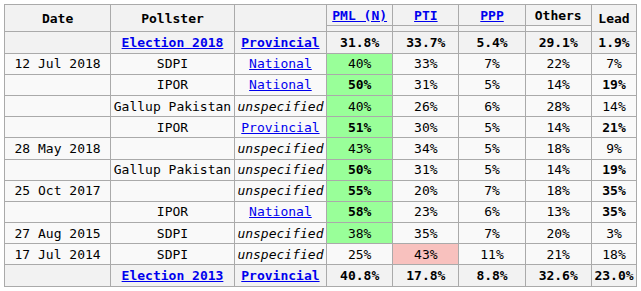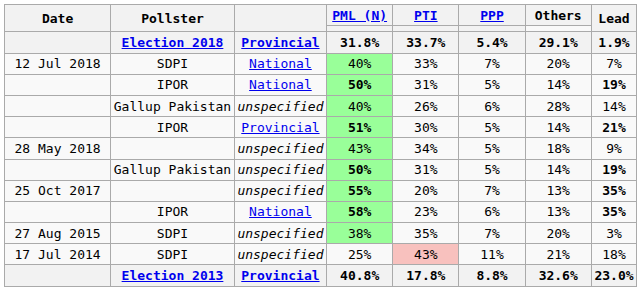 <table class="wikitable sortable" style="text-align:center">
 <tr>
 <th style="width:100px;" rowspan="2">Date</th>
 <th rowspan="2">Pollster</th>
 <th rowspan="2"></th>
 <th style="width:60px;" class="unsortable"><a href='#'>PML (N)</a></th>
 <th style="width:60px;" class="unsortable"><a href='#'>PTI</a></th>
 <th style="width:60px;" class="unsortable"><a href='#'>PPP</a></th>
 <th style="width:60px;" class="unsortable">Others</th>
 <th class="unsortable" style="width:20px;" rowspan="2">Lead</th>
 </tr>
 <tr>
 <th class="unsortable" style="color:inherit;background:"></th>
 <th class="unsortable" style="color:inherit;background:"></th>
 <th class="unsortable" style="color:inherit;background:"></th>
 </tr>
 <tr>
 </tr>
 <tr class=sortbottom style="background:#f2f2f2; font-weight:bold">
 <th></th>
 <th><a href='#'>Election 2018</a></th>
 <th><a href='#'>Provincial</a></th>
 <th>31.8%</th>
 <th style="background:"><strong>33.7%</strong></th>
 <th>5.4%</th>
 <th>29.1%</th>
 <th style="background:"><strong>1.9%</strong></th>
 </tr>
 <tr>
 <td>12 Jul 2018</td>
 <td>SDPI</td>
 <td><a href='#'>National</a></td>
 <td style="background:rgb(153, 255, 153);">40%</td>
 <td>33%</td>
 <td>7%</td>
-<td>22%</td>
+<td>20%</td>
 <td style="background:">7%</td>
 </tr>
 <tr>
 <td></td>
 <td>IPOR</td>
 <td><a href='#'>National</a></td>
 <td style="background:rgb(153, 255, 153);"><strong>50%</strong></td>
 <td>31%</td>
 <td>5%</td>
 <td>14%</td>
 <td style="background:"><strong>19%</strong></td>
 </tr>
 <tr>
 <td></td>
 <td>Gallup Pakistan</td>
 <td><em>unspecified</em></td>
 <td style="background:rgb(153, 255, 153);">40%</td>
 <td>26%</td>
 <td>6%</td>
 <td>28%</td>
 <td style="background:">14%</td>
 </tr>
 <tr>
 <td></td>
 <td>IPOR</td>
 <td><a href='#'>Provincial</a></td>
 <td style="background:rgb(153, 255, 153);"><strong>51%</strong></td>
 <td>30%</td>
 <td>5%</td>
 <td>14%</td>
 <td style="background:"><strong>21%</strong></td>
 </tr>
 <tr>
 <td>28 May 2018</td>
 <td></td>
 <td><em>unspecified</em></td>
 <td style="background:rgb(153, 255, 153);">43%</td>
 <td>34%</td>
 <td>5%</td>
 <td>18%</td>
 <td style="background:">9%</td>
 </tr>
 <tr>
 <td></td>
 <td>Gallup Pakistan</td>
 <td><em>unspecified</em></td>
 <td style="background:rgb(153, 255, 153);"><strong>50%</strong></td>
 <td>31%</td>
 <td>5%</td>
 <td>14%</td>
 <td style="background:"><strong>19%</strong></td>
 </tr>
 <tr>
 <td>25 Oct 2017</td>
 <td></td>
 <td><em>unspecified</em></td>
 <td style="background:rgb(153, 255, 153);"><strong>55%</strong></td>
 <td>20%</td>
 <td>7%</td>
-<td>18%</td>
+<td>13%</td>
 <td style="background:"><strong>35%</strong></td>
 </tr>
 <tr>
 <td></td>
 <td>IPOR</td>
 <td><a href='#'>National</a></td>
 <td style="background:rgb(153, 255, 153);"><strong>58%</strong></td>
 <td>23%</td>
 <td>6%</td>
 <td>13%</td>
 <td style="background:"><strong>35%</strong></td>
 </tr>
 <tr>
 <td>27 Aug 2015</td>
 <td>SDPI</td>
 <td><em>unspecified</em></td>
 <td style="background:rgb(153, 255, 153);">38%</td>
 <td>35%</td>
 <td>7%</td>
 <td>20%</td>
 <td style="background:">3%</td>
 </tr>
 <tr>
 <td>17 Jul 2014</td>
 <td>SDPI</td>
 <td><em>unspecified</em></td>
 <td>25%</td>
 <td style="background:rgb(248, 193, 190)">43%</td>
 <td>11%</td>
 <td>21%</td>
 <td style="background:">18%</td>
 </tr>
 <tr class=sortbottom style="background:#f2f2f2; font-weight:bold">
 <th></th>
 <th><a href='#'>Election 2013</a></th>
 <th><a href='#'>Provincial</a></th>
 <th style="background:"><strong>40.8%</strong></th>
 <th>17.8%</th>
 <th>8.8%</th>
 <th>32.6%</th>
 <th style="background:"><strong>23.0%</strong></th>
 </tr>
 </table>
